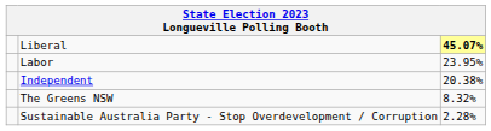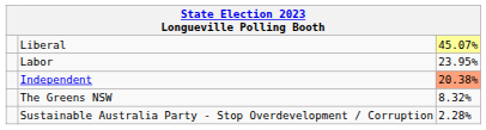 <table class="wikitable" style="float:right; margin-left:1em">
 <tr>
 <th colspan="3"><a href='#'>State Election 2023</a><br>Longueville Polling Booth</th>
 </tr>
 <tr>
 <td> </td>
 <td>Liberal</td>
-<td bgcolor="FFFF99"><strong>45.07%</strong></td>
+<td bgcolor="FFFF99">45.07%</td>
 </tr>
 <tr>
 <td> </td>
 <td>Labor</td>
 <td>23.95%</td>
 </tr>
 <tr>
 <td> </td>
 <td><a href='#'>Independent</a></td>
-<td>20.38%</td>
+<td style="background: lightsalmon;">20.38%</td>
 </tr>
 <tr>
 <td> </td>
 <td>The Greens NSW</td>
 <td>8.32%</td>
 </tr>
 <tr>
 <td> </td>
 <td>Sustainable Australia Party - Stop Overdevelopment / Corruption</td>
 <td>2.28%</td>
 </tr>
 </table>
